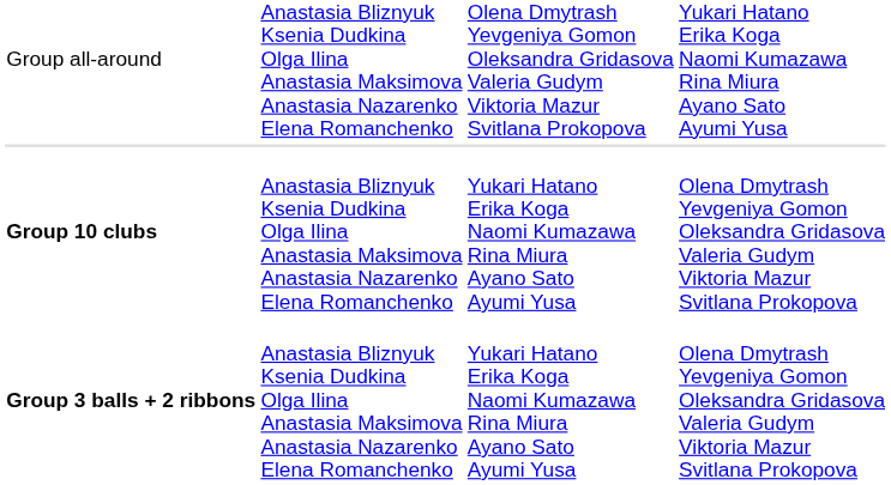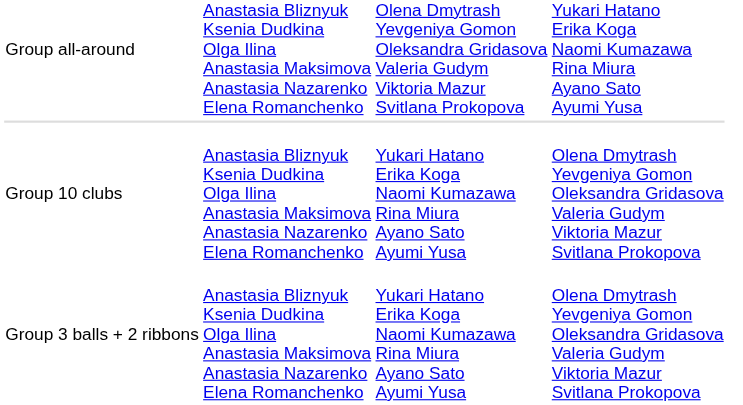 <table>
 <tr>
 <td>Group all-around<br></td>
 <td><br><a href='#'>Anastasia Bliznyuk</a><br><a href='#'>Ksenia Dudkina</a><br><a href='#'>Olga Ilina</a><br><a href='#'>Anastasia Maksimova</a><br><a href='#'>Anastasia Nazarenko</a><br><a href='#'>Elena Romanchenko</a></td>
 <td><br><a href='#'>Olena Dmytrash</a><br><a href='#'>Yevgeniya Gomon</a><br><a href='#'>Oleksandra Gridasova</a><br><a href='#'>Valeria Gudym</a><br><a href='#'>Viktoria Mazur</a><br><a href='#'>Svitlana Prokopova</a></td>
 <td><br><a href='#'>Yukari Hatano</a><br><a href='#'>Erika Koga</a><br><a href='#'>Naomi Kumazawa</a><br><a href='#'>Rina Miura</a><br><a href='#'>Ayano Sato</a><br><a href='#'>Ayumi Yusa</a></td>
 </tr>
 <tr bgcolor=#DDDDDD>
 <td colspan=7></td>
 </tr>
 <tr>
-<td><strong>Group 10 clubs<br></strong></td>
+<td>Group 10 clubs<br></td>
 <td><br><a href='#'>Anastasia Bliznyuk</a><br><a href='#'>Ksenia Dudkina</a><br><a href='#'>Olga Ilina</a><br><a href='#'>Anastasia Maksimova</a><br><a href='#'>Anastasia Nazarenko</a><br><a href='#'>Elena Romanchenko</a></td>
 <td><br><a href='#'>Yukari Hatano</a><br><a href='#'>Erika Koga</a><br><a href='#'>Naomi Kumazawa</a><br><a href='#'>Rina Miura</a><br><a href='#'>Ayano Sato</a><br><a href='#'>Ayumi Yusa</a></td>
 <td><br><a href='#'>Olena Dmytrash</a><br><a href='#'>Yevgeniya Gomon</a><br><a href='#'>Oleksandra Gridasova</a><br><a href='#'>Valeria Gudym</a><br><a href='#'>Viktoria Mazur</a><br><a href='#'>Svitlana Prokopova</a></td>
 </tr>
 <tr>
-<td><strong>Group 3 balls + 2 ribbons<br></strong></td>
+<td>Group 3 balls + 2 ribbons<br></td>
 <td><br><a href='#'>Anastasia Bliznyuk</a><br><a href='#'>Ksenia Dudkina</a><br><a href='#'>Olga Ilina</a><br><a href='#'>Anastasia Maksimova</a><br><a href='#'>Anastasia Nazarenko</a><br><a href='#'>Elena Romanchenko</a></td>
 <td><br><a href='#'>Yukari Hatano</a><br><a href='#'>Erika Koga</a><br><a href='#'>Naomi Kumazawa</a><br><a href='#'>Rina Miura</a><br><a href='#'>Ayano Sato</a><br><a href='#'>Ayumi Yusa</a></td>
 <td><br><a href='#'>Olena Dmytrash</a><br><a href='#'>Yevgeniya Gomon</a><br><a href='#'>Oleksandra Gridasova</a><br><a href='#'>Valeria Gudym</a><br><a href='#'>Viktoria Mazur</a><br><a href='#'>Svitlana Prokopova</a></td>
 </tr>
 </table>
